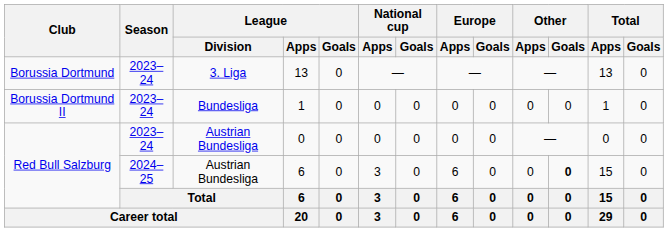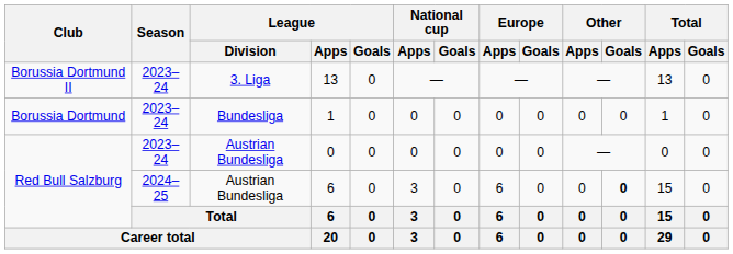 <table class="wikitable" style="text-align: center">
 <tr>
 <th rowspan="2">Club</th>
 <th rowspan="2">Season</th>
 <th colspan="3">League</th>
 <th colspan="2">National cup</th>
 <th colspan="2">Europe</th>
 <th colspan="2">Other</th>
 <th colspan="2">Total</th>
 </tr>
 <tr>
 <th>Division</th>
 <th>Apps</th>
 <th>Goals</th>
 <th>Apps</th>
 <th>Goals</th>
 <th>Apps</th>
 <th>Goals</th>
 <th>Apps</th>
 <th>Goals</th>
 <th>Apps</th>
 <th>Goals</th>
 </tr>
 <tr>
-<td><a href='#'>Borussia Dortmund</a></td>
+<td><a href='#'>Borussia Dortmund II</a></td>
 <td><a href='#'>2023–24</a></td>
 <td><a href='#'>3. Liga</a></td>
 <td>13</td>
 <td>0</td>
 <td colspan="2">—</td>
 <td colspan="2">—</td>
 <td colspan="2">—</td>
 <td>13</td>
 <td>0</td>
 </tr>
 <tr>
-<td><a href='#'>Borussia Dortmund II</a></td>
+<td><a href='#'>Borussia Dortmund</a></td>
 <td><a href='#'>2023–24</a></td>
 <td><a href='#'>Bundesliga</a></td>
 <td>1</td>
 <td>0</td>
 <td>0</td>
 <td>0</td>
 <td>0</td>
 <td>0</td>
 <td>0</td>
 <td>0</td>
 <td>1</td>
 <td>0</td>
 </tr>
 <tr>
 <td rowspan="3"><a href='#'>Red Bull Salzburg</a></td>
 <td><a href='#'>2023–24</a></td>
 <td><a href='#'>Austrian Bundesliga</a></td>
 <td>0</td>
 <td>0</td>
 <td>0</td>
 <td>0</td>
 <td>0</td>
 <td>0</td>
 <td colspan="2">—</td>
 <td>0</td>
 <td>0</td>
 </tr>
 <tr>
 <td><a href='#'>2024–25</a></td>
 <td>Austrian Bundesliga</td>
 <td>6</td>
 <td>0</td>
 <td>3</td>
 <td>0</td>
 <td>6</td>
 <td>0</td>
 <td>0</td>
 <td><strong>0</strong></td>
 <td>15</td>
 <td>0</td>
 </tr>
 <tr>
 <th colspan="2">Total</th>
 <th>6</th>
 <th>0</th>
 <th>3</th>
 <th>0</th>
 <th>6</th>
 <th>0</th>
 <th>0</th>
 <th>0</th>
 <th>15</th>
 <th>0</th>
 </tr>
 <tr>
 <th colspan="3">Career total</th>
 <th>20</th>
 <th>0</th>
 <th>3</th>
 <th>0</th>
 <th>6</th>
 <th>0</th>
 <th>0</th>
 <th>0</th>
 <th>29</th>
 <th>0</th>
 </tr>
 </table>
